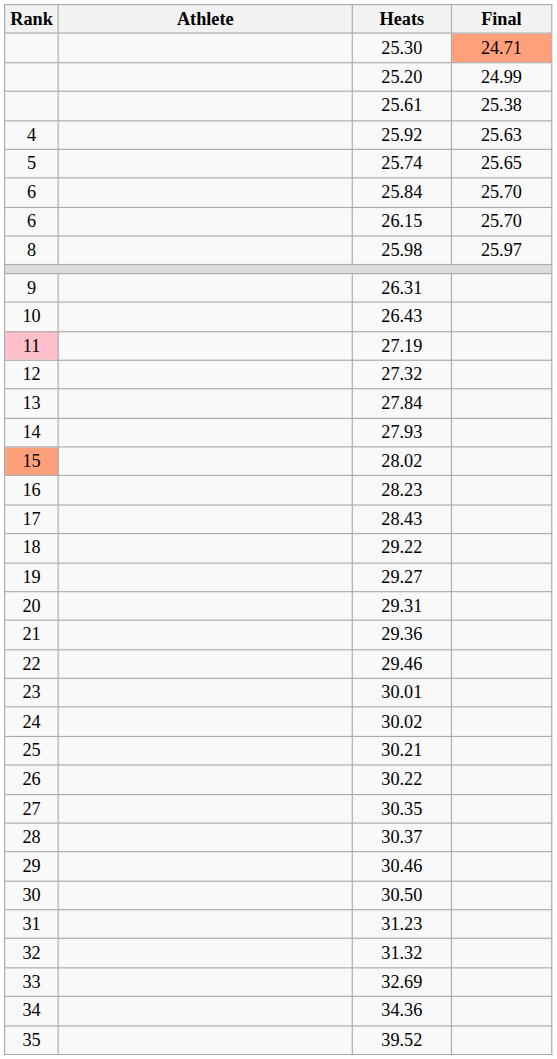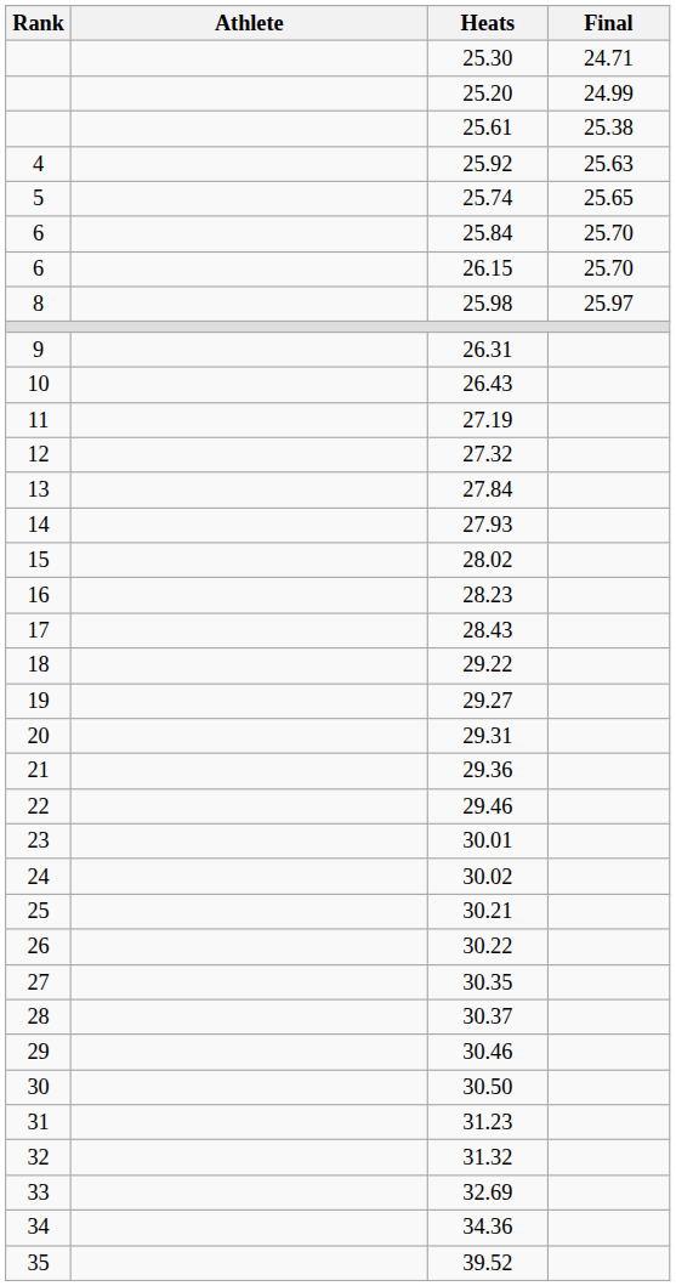 <table class=wikitable style="text-align:center">
 <tr>
 <th width=40>Rank</th>
 <th width=250>Athlete</th>
 <th width=80>Heats</th>
 <th width=80>Final</th>
 </tr>
 <tr>
 <td></td>
 <td align=left></td>
 <td>25.30</td>
-<td style="background: lightsalmon;">24.71</td>
+<td>24.71</td>
 </tr>
 <tr>
 <td></td>
 <td align=left></td>
 <td>25.20</td>
 <td>24.99</td>
 </tr>
 <tr>
 <td></td>
 <td align=left></td>
 <td>25.61</td>
 <td>25.38</td>
 </tr>
 <tr>
 <td>4</td>
 <td align=left></td>
 <td>25.92</td>
 <td>25.63</td>
 </tr>
 <tr>
 <td>5</td>
 <td align=left></td>
 <td>25.74</td>
 <td>25.65</td>
 </tr>
 <tr>
 <td>6</td>
 <td align=left></td>
 <td>25.84</td>
 <td>25.70</td>
 </tr>
 <tr>
 <td>6</td>
 <td align=left></td>
 <td>26.15</td>
 <td>25.70</td>
 </tr>
 <tr>
 <td>8</td>
 <td align=left></td>
 <td>25.98</td>
 <td>25.97</td>
 </tr>
 <tr bgcolor=#DDDDDD>
 <td colspan=4></td>
 </tr>
 <tr>
 <td>9</td>
 <td align=left></td>
 <td>26.31</td>
 <td></td>
 </tr>
 <tr>
 <td>10</td>
 <td align=left></td>
 <td>26.43</td>
 <td></td>
 </tr>
 <tr>
-<td style="background: pink;">11</td>
+<td>11</td>
 <td align=left></td>
 <td>27.19</td>
 <td></td>
 </tr>
 <tr>
 <td>12</td>
 <td align=left></td>
 <td>27.32</td>
 <td></td>
 </tr>
 <tr>
 <td>13</td>
 <td align=left></td>
 <td>27.84</td>
 <td></td>
 </tr>
 <tr>
 <td>14</td>
 <td align=left></td>
 <td>27.93</td>
 <td></td>
 </tr>
 <tr>
-<td style="background: lightsalmon;">15</td>
+<td>15</td>
 <td align=left></td>
 <td>28.02</td>
 <td></td>
 </tr>
 <tr>
 <td>16</td>
 <td align=left></td>
 <td>28.23</td>
 <td></td>
 </tr>
 <tr>
 <td>17</td>
 <td align=left></td>
 <td>28.43</td>
 <td></td>
 </tr>
 <tr>
 <td>18</td>
 <td align=left></td>
 <td>29.22</td>
 <td></td>
 </tr>
 <tr>
 <td>19</td>
 <td align=left></td>
 <td>29.27</td>
 <td></td>
 </tr>
 <tr>
 <td>20</td>
 <td align=left></td>
 <td>29.31</td>
 <td></td>
 </tr>
 <tr>
 <td>21</td>
 <td align=left></td>
 <td>29.36</td>
 <td></td>
 </tr>
 <tr>
 <td>22</td>
 <td align=left></td>
 <td>29.46</td>
 <td></td>
 </tr>
 <tr>
 <td>23</td>
 <td align=left></td>
 <td>30.01</td>
 <td></td>
 </tr>
 <tr>
 <td>24</td>
 <td align=left></td>
 <td>30.02</td>
 <td></td>
 </tr>
 <tr>
 <td>25</td>
 <td align=left></td>
 <td>30.21</td>
 <td></td>
 </tr>
 <tr>
 <td>26</td>
 <td align=left></td>
 <td>30.22</td>
 <td></td>
 </tr>
 <tr>
 <td>27</td>
 <td align=left></td>
 <td>30.35</td>
 <td></td>
 </tr>
 <tr>
 <td>28</td>
 <td align=left></td>
 <td>30.37</td>
 <td></td>
 </tr>
 <tr>
 <td>29</td>
 <td align=left></td>
 <td>30.46</td>
 <td></td>
 </tr>
 <tr>
 <td>30</td>
 <td align=left></td>
 <td>30.50</td>
 <td></td>
 </tr>
 <tr>
 <td>31</td>
 <td align=left></td>
 <td>31.23</td>
 <td></td>
 </tr>
 <tr>
 <td>32</td>
 <td align=left></td>
 <td>31.32</td>
 <td></td>
 </tr>
 <tr>
 <td>33</td>
 <td align=left></td>
 <td>32.69</td>
 <td></td>
 </tr>
 <tr>
 <td>34</td>
 <td align=left></td>
 <td>34.36</td>
 <td></td>
 </tr>
 <tr>
 <td>35</td>
 <td align=left></td>
 <td>39.52</td>
 <td></td>
 </tr>
 </table>
